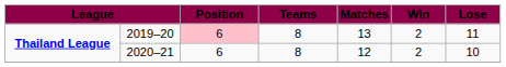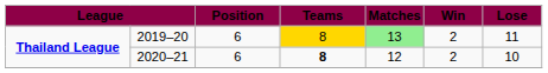 <table class="wikitable" style= "text-align:center; font-size:10pt;">
 <tr style= "background: #8E0047; font-weight:bold;">
 <td colspan="2" style="width:14em;"><span>League</span></td>
 <td style="width:6em;"><span>Position</span></td>
 <td style="width:6em;"><span>Teams</span></td>
 <td style="width:4em;"><span>Matches</span></td>
 <td style="width:4em;"><span>Win</span></td>
 <td style="width:4em;"><span>Lose</span></td>
 </tr>
 <tr>
 <td rowspan="2" align="center"><strong><a href='#'>Thailand League</a></strong></td>
 <td>2019–20</td>
-<td style="background: pink;">6</td>
-<td align="center">8</td>
-<td align="center">13</td>
+<td>6</td>
+<td align="center" style="background: gold;">8</td>
+<td align="center" style="background: lightgreen;">13</td>
 <td align="center">2</td>
 <td align="center">11</td>
 </tr>
 <tr>
 <td>2020–21</td>
 <td>6</td>
-<td align="center">8</td>
+<td align="center"><strong>8</strong></td>
 <td align="center">12</td>
 <td align="center">2</td>
 <td align="center">10</td>
 </tr>
 <tr>
 </tr>
 </table>
